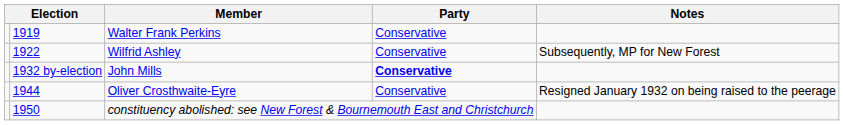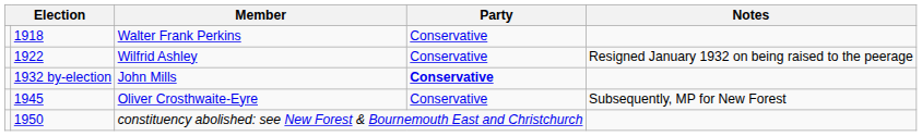 <table class="wikitable">
 <tr>
 <th colspan="2">Election</th>
 <th>Member</th>
 <th>Party</th>
 <th>Notes</th>
 </tr>
 <tr>
 <td style="color:inherit;background-color: "></td>
-<td><a href='#'>1919</a></td>
+<td><a href='#'>1918</a></td>
 <td><a href='#'>Walter Frank Perkins</a></td>
 <td><a href='#'>Conservative</a></td>
 </tr>
 <tr>
 <td style="color:inherit;background-color: "></td>
 <td><a href='#'>1922</a></td>
 <td><a href='#'>Wilfrid Ashley</a></td>
 <td><a href='#'>Conservative</a></td>
-<td>Subsequently, MP for New Forest</td>
+<td>Resigned January 1932 on being raised to the peerage</td>
 </tr>
 <tr>
 <td style="color:inherit;background-color: "></td>
 <td><a href='#'>1932 by-election</a></td>
 <td><a href='#'>John Mills</a></td>
 <td><strong><a href='#'>Conservative</a></strong></td>
 </tr>
 <tr>
 <td style="color:inherit;background-color: "></td>
-<td><a href='#'>1944</a></td>
+<td><a href='#'>1945</a></td>
 <td><a href='#'>Oliver Crosthwaite-Eyre</a></td>
 <td><a href='#'>Conservative</a></td>
-<td>Resigned January 1932 on being raised to the peerage</td>
+<td>Subsequently, MP for New Forest</td>
 </tr>
 <tr>
 <td></td>
 <td><a href='#'>1950</a></td>
 <td colspan="2"><em>constituency abolished: see <a href='#'>New Forest</a> & <a href='#'>Bournemouth East and Christchurch</a></em></td>
 </tr>
 </table>
